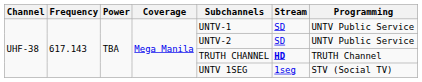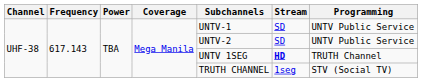 <table class="wikitable float center" style=width:600px;>
 <tr>
 <th>Channel</th>
 <th>Frequency</th>
 <th>Power</th>
 <th>Coverage</th>
 <th>Subchannels</th>
 <th>Stream</th>
 <th>Programming</th>
 </tr>
 <tr>
 <td rowspan="4">UHF-38</td>
 <td rowspan="4">617.143</td>
 <td rowspan="4">TBA</td>
 <td rowspan="4"><a href='#'>Mega Manila</a></td>
 <td>UNTV-1</td>
 <td><a href='#'>SD</a></td>
 <td>UNTV Public Service</td>
 </tr>
 <tr>
 <td>UNTV-2</td>
 <td><a href='#'>SD</a></td>
 <td>UNTV Public Service</td>
 </tr>
 <tr>
-<td>TRUTH CHANNEL</td>
+<td>UNTV 1SEG</td>
 <td><strong><a href='#'>HD</a></strong></td>
 <td>TRUTH Channel</td>
 </tr>
 <tr>
-<td>UNTV 1SEG</td>
+<td>TRUTH CHANNEL</td>
 <td><a href='#'>1seg</a></td>
 <td>STV (Social TV)</td>
 </tr>
 </table>
